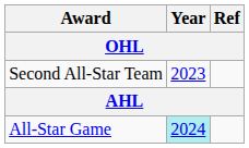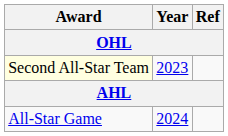 <table class="wikitable">
 <tr>
 <th>Award</th>
 <th>Year</th>
 <th>Ref</th>
 </tr>
 <tr>
 <th colspan="3"><a href='#'>OHL</a></th>
 </tr>
 <tr>
-<td>Second All-Star Team</td>
+<td style="background: lightyellow;">Second All-Star Team</td>
 <td><a href='#'>2023</a></td>
 <td></td>
 </tr>
 <tr>
 <th colspan="3"><a href='#'>AHL</a></th>
 </tr>
 <tr>
 <td><a href='#'>All-Star Game</a></td>
-<td style="background: paleturquoise;"><a href='#'>2024</a></td>
+<td><a href='#'>2024</a></td>
 <td></td>
 </tr>
 </table>
